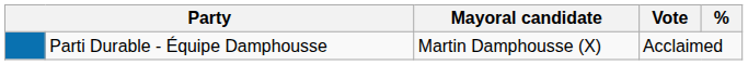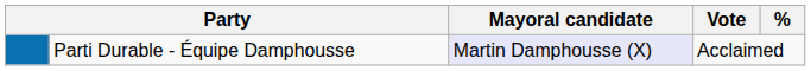 <table class="wikitable">
 <tr>
 <th bgcolor="#DDDDFF" width="370px" colspan="2">Party</th>
 <th bgcolor="#DDDDFF" width="200px">Mayoral candidate</th>
 <th bgcolor="#DDDDFF" width="50px">Vote</th>
 <th bgcolor="#DDDDFF" width="30px">%</th>
 </tr>
 <tr>
 <td bgcolor=#0971B0  width="30px"> </td>
 <td>Parti Durable - Équipe Damphousse</td>
-<td>Martin Damphousse (X)</td>
+<td style="background: lavender;">Martin Damphousse (X)</td>
 <td colspan="2">Acclaimed</td>
 </tr>
 </table>
